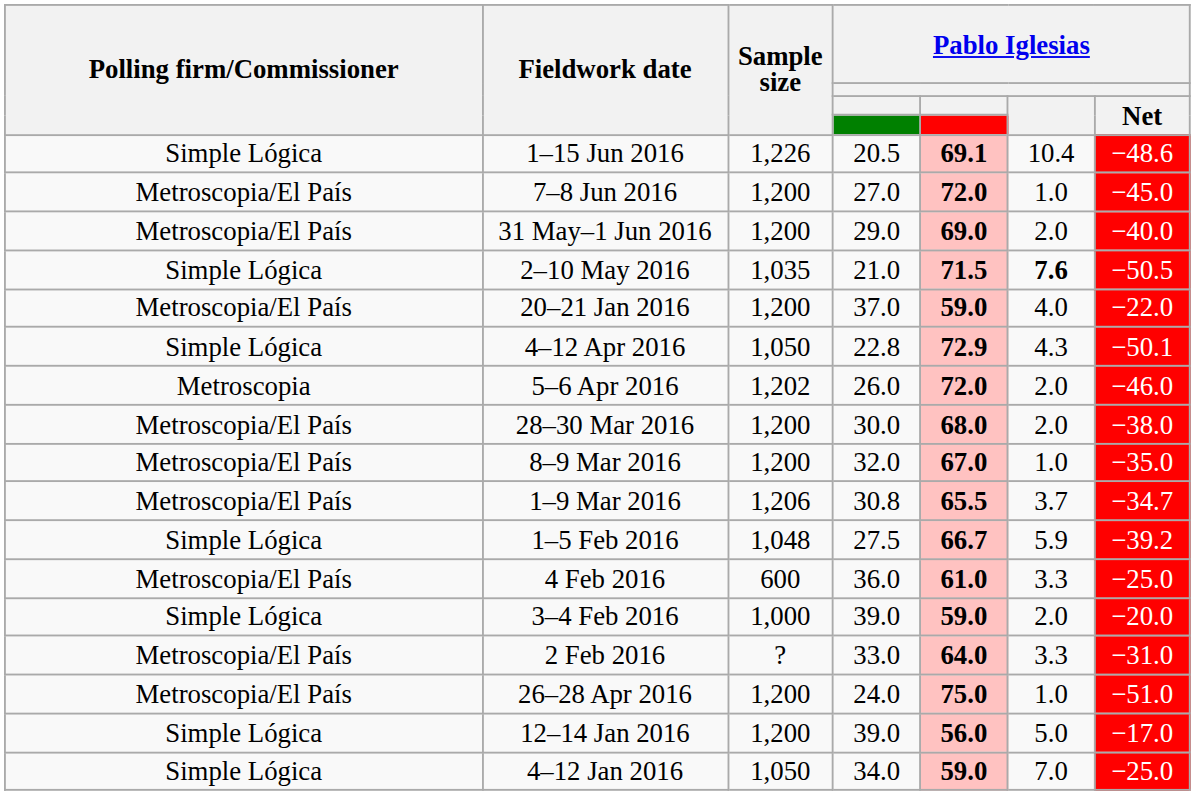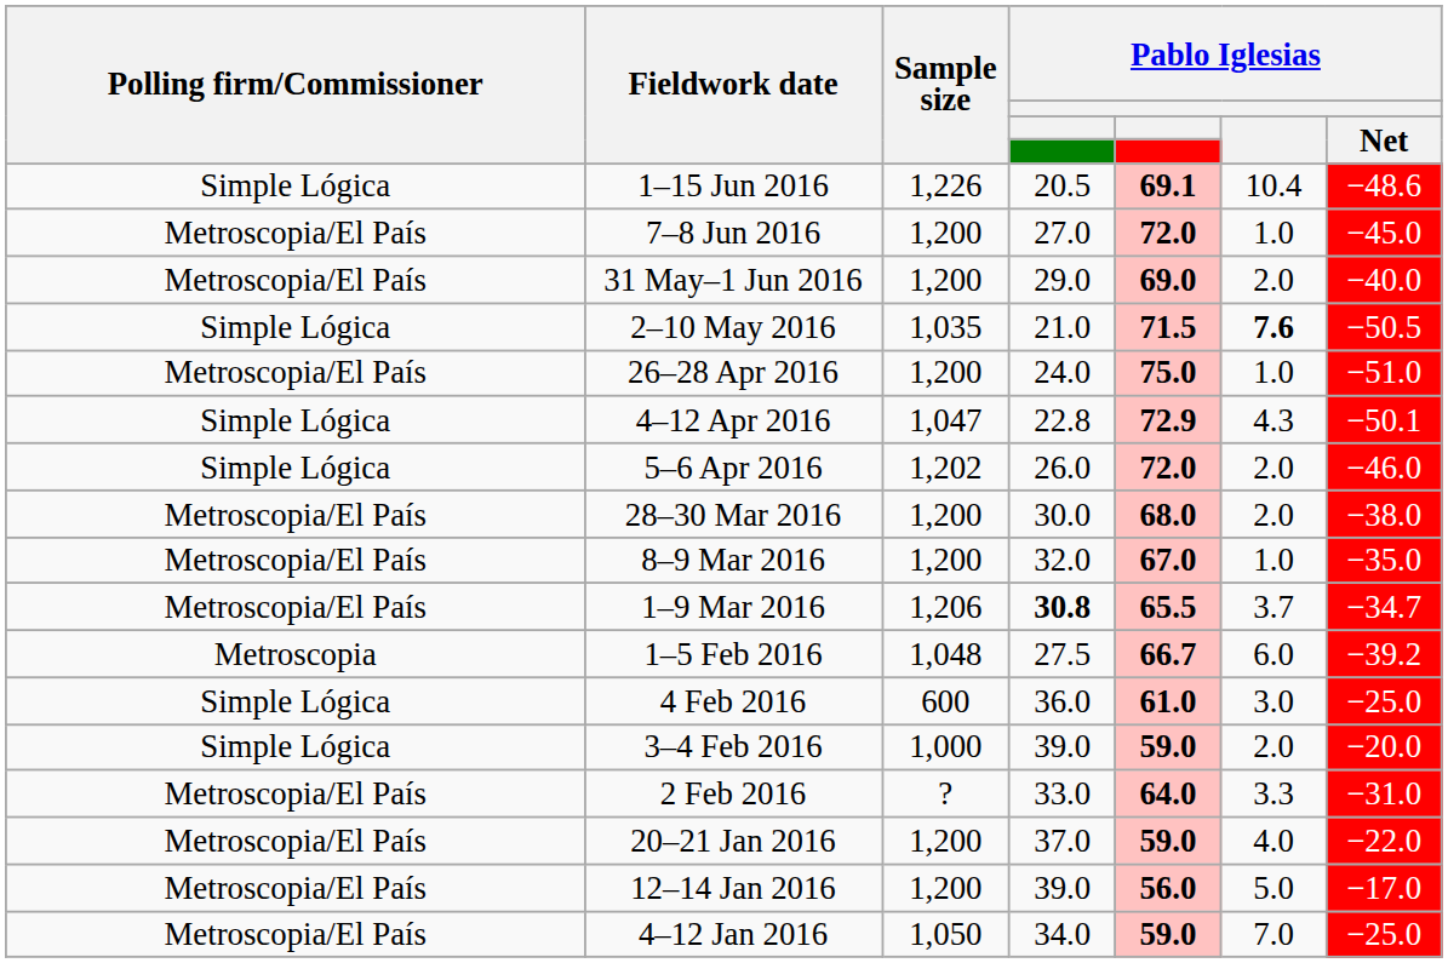 <table class="wikitable collapsible collapsed" style="text-align:center; font-size:90%; line-height:14px;">
 <tr style="height:42px;">
 <th style="width:250px;" rowspan="4">Polling firm/Commissioner</th>
 <th style="width:125px;" rowspan="4">Fieldwork date</th>
 <th style="width:50px;" rowspan="4">Sample size</th>
 <th style="width:185px;" colspan="4"><a href='#'>Pablo Iglesias</a><br></th>
 </tr>
 <tr>
 <th colspan="4" style="background:"></th>
 </tr>
 <tr>
 <th style="width:30px;"></th>
 <th style="width:30px;"></th>
 <th style="width:30px;" rowspan="2"></th>
 <th style="width:30px;" rowspan="2">Net</th>
 </tr>
 <tr>
 <th style="color:inherit;background:#008000;"></th>
 <th style="color:inherit;background:#FF0000;"></th>
 </tr>
 <tr>
 <td>Simple Lógica</td>
 <td>1–15 Jun 2016</td>
 <td>1,226</td>
 <td>20.5</td>
 <td style="background:#FFC2C1;"><strong>69.1</strong></td>
 <td>10.4</td>
 <td style="background:#FF0000; color:white;">−48.6</td>
 </tr>
 <tr>
 <td>Metroscopia/El País</td>
 <td>7–8 Jun 2016</td>
 <td>1,200</td>
 <td>27.0</td>
 <td style="background:#FFC2C1;"><strong>72.0</strong></td>
 <td>1.0</td>
 <td style="background:#FF0000; color:white;">−45.0</td>
 </tr>
 <tr>
 <td>Metroscopia/El País</td>
 <td>31 May–1 Jun 2016</td>
 <td>1,200</td>
 <td>29.0</td>
 <td style="background:#FFC2C1;"><strong>69.0</strong></td>
 <td>2.0</td>
 <td style="background:#FF0000; color:white;">−40.0</td>
 </tr>
 <tr>
 <td>Simple Lógica</td>
 <td>2–10 May 2016</td>
 <td>1,035</td>
 <td>21.0</td>
 <td style="background:#FFC2C1;"><strong>71.5</strong></td>
 <td><strong>7.6</strong></td>
 <td style="background:#FF0000; color:white;">−50.5</td>
 </tr>
 <tr>
 <td>Metroscopia/El País</td>
-<td>20–21 Jan 2016</td>
+<td>26–28 Apr 2016</td>
 <td>1,200</td>
-<td>37.0</td>
-<td style="background:#FFC2C1;"><strong>59.0</strong></td>
-<td>4.0</td>
-<td style="background:#FF0000; color:white;">−22.0</td>
+<td>24.0</td>
+<td style="background:#FFC2C1;"><strong>75.0</strong></td>
+<td>1.0</td>
+<td style="background:#FF0000; color:white;">−51.0</td>
 </tr>
 <tr>
 <td>Simple Lógica</td>
 <td>4–12 Apr 2016</td>
-<td>1,050</td>
+<td>1,047</td>
 <td>22.8</td>
 <td style="background:#FFC2C1;"><strong>72.9</strong></td>
 <td>4.3</td>
 <td style="background:#FF0000; color:white;">−50.1</td>
 </tr>
 <tr>
-<td>Metroscopia</td>
+<td>Simple Lógica</td>
 <td>5–6 Apr 2016</td>
 <td>1,202</td>
 <td>26.0</td>
 <td style="background:#FFC2C1;"><strong>72.0</strong></td>
 <td>2.0</td>
 <td style="background:#FF0000; color:white;">−46.0</td>
 </tr>
 <tr>
 <td>Metroscopia/El País</td>
 <td>28–30 Mar 2016</td>
 <td>1,200</td>
 <td>30.0</td>
 <td style="background:#FFC2C1;"><strong>68.0</strong></td>
 <td>2.0</td>
 <td style="background:#FF0000; color:white;">−38.0</td>
 </tr>
 <tr>
 <td>Metroscopia/El País</td>
 <td>8–9 Mar 2016</td>
 <td>1,200</td>
 <td>32.0</td>
 <td style="background:#FFC2C1;"><strong>67.0</strong></td>
 <td>1.0</td>
 <td style="background:#FF0000; color:white;">−35.0</td>
 </tr>
 <tr>
 <td>Metroscopia/El País</td>
 <td>1–9 Mar 2016</td>
 <td>1,206</td>
-<td>30.8</td>
+<td><strong>30.8</strong></td>
 <td style="background:#FFC2C1;"><strong>65.5</strong></td>
 <td>3.7</td>
 <td style="background:#FF0000; color:white;">−34.7</td>
 </tr>
 <tr>
-<td>Simple Lógica</td>
+<td>Metroscopia</td>
 <td>1–5 Feb 2016</td>
 <td>1,048</td>
 <td>27.5</td>
 <td style="background:#FFC2C1;"><strong>66.7</strong></td>
-<td>5.9</td>
+<td>6.0</td>
 <td style="background:#FF0000; color:white;">−39.2</td>
 </tr>
 <tr>
-<td>Metroscopia/El País</td>
+<td>Simple Lógica</td>
 <td>4 Feb 2016</td>
 <td>600</td>
 <td>36.0</td>
 <td style="background:#FFC2C1;"><strong>61.0</strong></td>
-<td>3.3</td>
+<td>3.0</td>
 <td style="background:#FF0000; color:white;">−25.0</td>
 </tr>
 <tr>
 <td>Simple Lógica</td>
 <td>3–4 Feb 2016</td>
 <td>1,000</td>
 <td>39.0</td>
 <td style="background:#FFC2C1;"><strong>59.0</strong></td>
 <td>2.0</td>
 <td style="background:#FF0000; color:white;">−20.0</td>
 </tr>
 <tr>
 <td>Metroscopia/El País</td>
 <td>2 Feb 2016</td>
 <td>?</td>
 <td>33.0</td>
 <td style="background:#FFC2C1;"><strong>64.0</strong></td>
 <td>3.3</td>
 <td style="background:#FF0000; color:white;">−31.0</td>
 </tr>
 <tr>
 <td>Metroscopia/El País</td>
-<td>26–28 Apr 2016</td>
+<td>20–21 Jan 2016</td>
 <td>1,200</td>
-<td>24.0</td>
-<td style="background:#FFC2C1;"><strong>75.0</strong></td>
-<td>1.0</td>
-<td style="background:#FF0000; color:white;">−51.0</td>
+<td>37.0</td>
+<td style="background:#FFC2C1;"><strong>59.0</strong></td>
+<td>4.0</td>
+<td style="background:#FF0000; color:white;">−22.0</td>
 </tr>
 <tr>
-<td>Simple Lógica</td>
+<td>Metroscopia/El País</td>
 <td>12–14 Jan 2016</td>
 <td>1,200</td>
 <td>39.0</td>
 <td style="background:#FFC2C1;"><strong>56.0</strong></td>
 <td>5.0</td>
 <td style="background:#FF0000; color:white;">−17.0</td>
 </tr>
 <tr>
-<td>Simple Lógica</td>
+<td>Metroscopia/El País</td>
 <td>4–12 Jan 2016</td>
 <td>1,050</td>
 <td>34.0</td>
 <td style="background:#FFC2C1;"><strong>59.0</strong></td>
 <td>7.0</td>
 <td style="background:#FF0000; color:white;">−25.0</td>
 </tr>
 </table>
